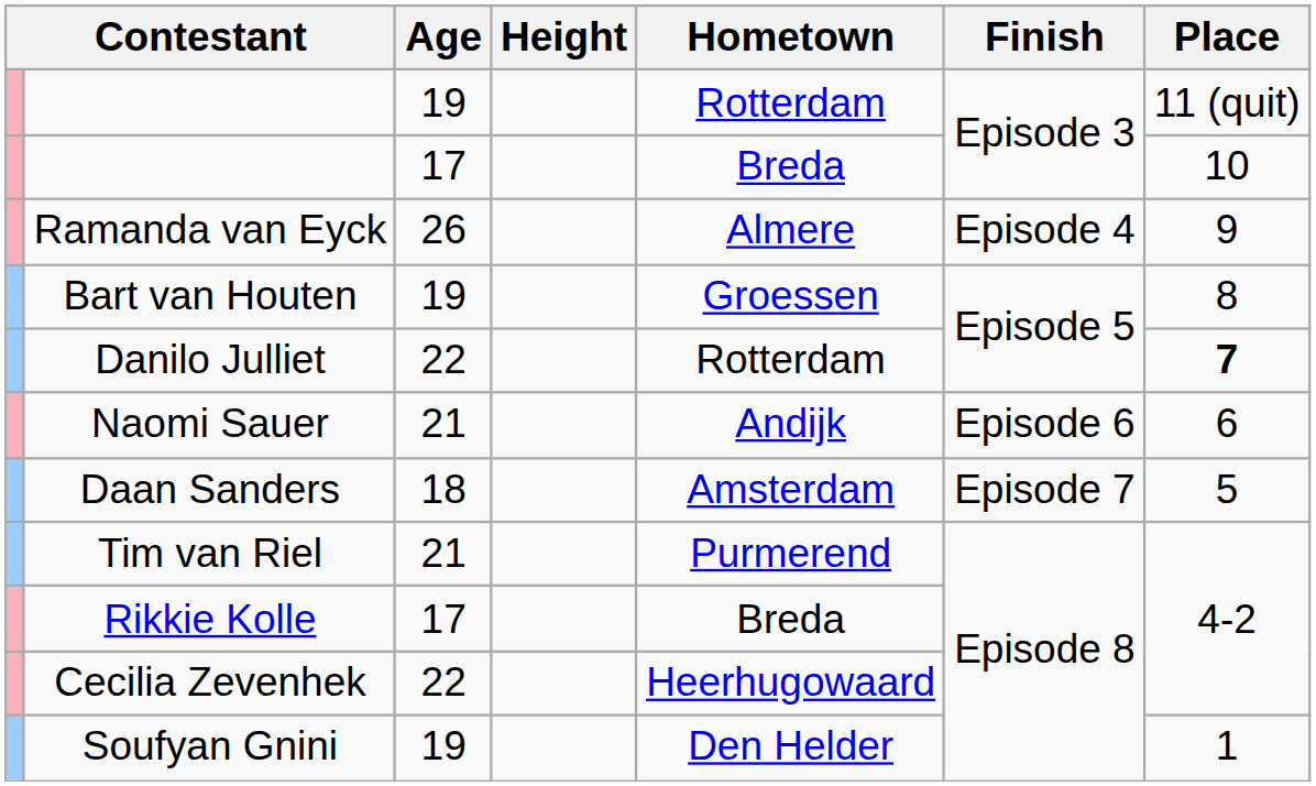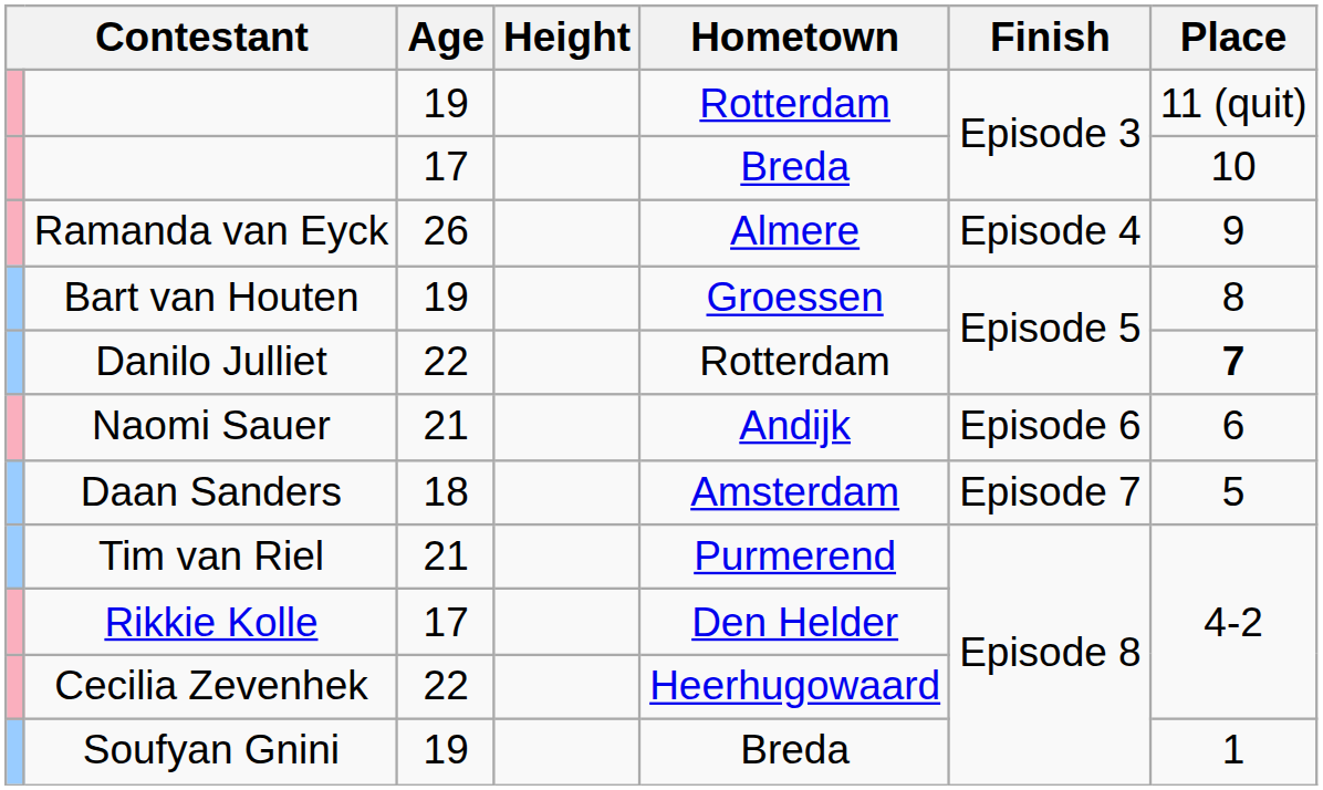 <table class="wikitable sortable" style="text-align:center;">
 <tr>
 <th colspan="2">Contestant</th>
 <th>Age</th>
 <th>Height</th>
 <th>Hometown</th>
 <th>Finish</th>
 <th>Place</th>
 </tr>
 <tr>
 <td style="background:#faafbe"></td>
 <td></td>
 <td>19</td>
 <td></td>
 <td><a href='#'>Rotterdam</a></td>
 <td rowspan="2">Episode 3</td>
 <td>11 (quit)</td>
 </tr>
 <tr>
 <td style="background:#faafbe"></td>
 <td></td>
 <td>17</td>
 <td></td>
 <td><a href='#'>Breda</a></td>
 <td>10</td>
 </tr>
 <tr>
 <td style="background:#faafbe"></td>
 <td>Ramanda van Eyck</td>
 <td>26</td>
 <td></td>
 <td><a href='#'>Almere</a></td>
 <td>Episode 4</td>
 <td>9</td>
 </tr>
 <tr>
 <td style="background:#9cf;"></td>
 <td>Bart van Houten</td>
 <td>19</td>
 <td></td>
 <td><a href='#'>Groessen</a></td>
 <td rowspan="2">Episode 5</td>
 <td>8</td>
 </tr>
 <tr>
 <td style="background:#9cf;"></td>
 <td>Danilo Julliet</td>
 <td>22</td>
 <td></td>
 <td>Rotterdam</td>
 <td><strong>7</strong></td>
 </tr>
 <tr>
 <td style="background:#faafbe"></td>
 <td>Naomi Sauer</td>
 <td>21</td>
 <td></td>
 <td><a href='#'>Andijk</a></td>
 <td>Episode 6</td>
 <td>6</td>
 </tr>
 <tr>
 <td style="background:#9cf;"></td>
 <td>Daan Sanders</td>
 <td>18</td>
 <td></td>
 <td><a href='#'>Amsterdam</a></td>
 <td>Episode 7</td>
 <td>5</td>
 </tr>
 <tr>
 <td style="background:#9cf;"></td>
 <td>Tim van Riel</td>
 <td>21</td>
 <td></td>
 <td><a href='#'>Purmerend</a></td>
 <td rowspan="4">Episode 8</td>
 <td rowspan="3">4-2</td>
 </tr>
 <tr>
 <td style="background:#faafbe"></td>
 <td><a href='#'>Rikkie Kolle</a></td>
 <td>17</td>
 <td></td>
-<td>Breda</td>
+<td><a href='#'>Den Helder</a></td>
 </tr>
 <tr>
 <td style="background:#faafbe"></td>
 <td>Cecilia Zevenhek</td>
 <td>22</td>
 <td></td>
 <td><a href='#'>Heerhugowaard</a></td>
 </tr>
 <tr>
 <td style="background:#9cf;"></td>
 <td>Soufyan Gnini</td>
 <td>19</td>
 <td></td>
-<td><a href='#'>Den Helder</a></td>
+<td>Breda</td>
 <td>1</td>
 </tr>
 </table>
